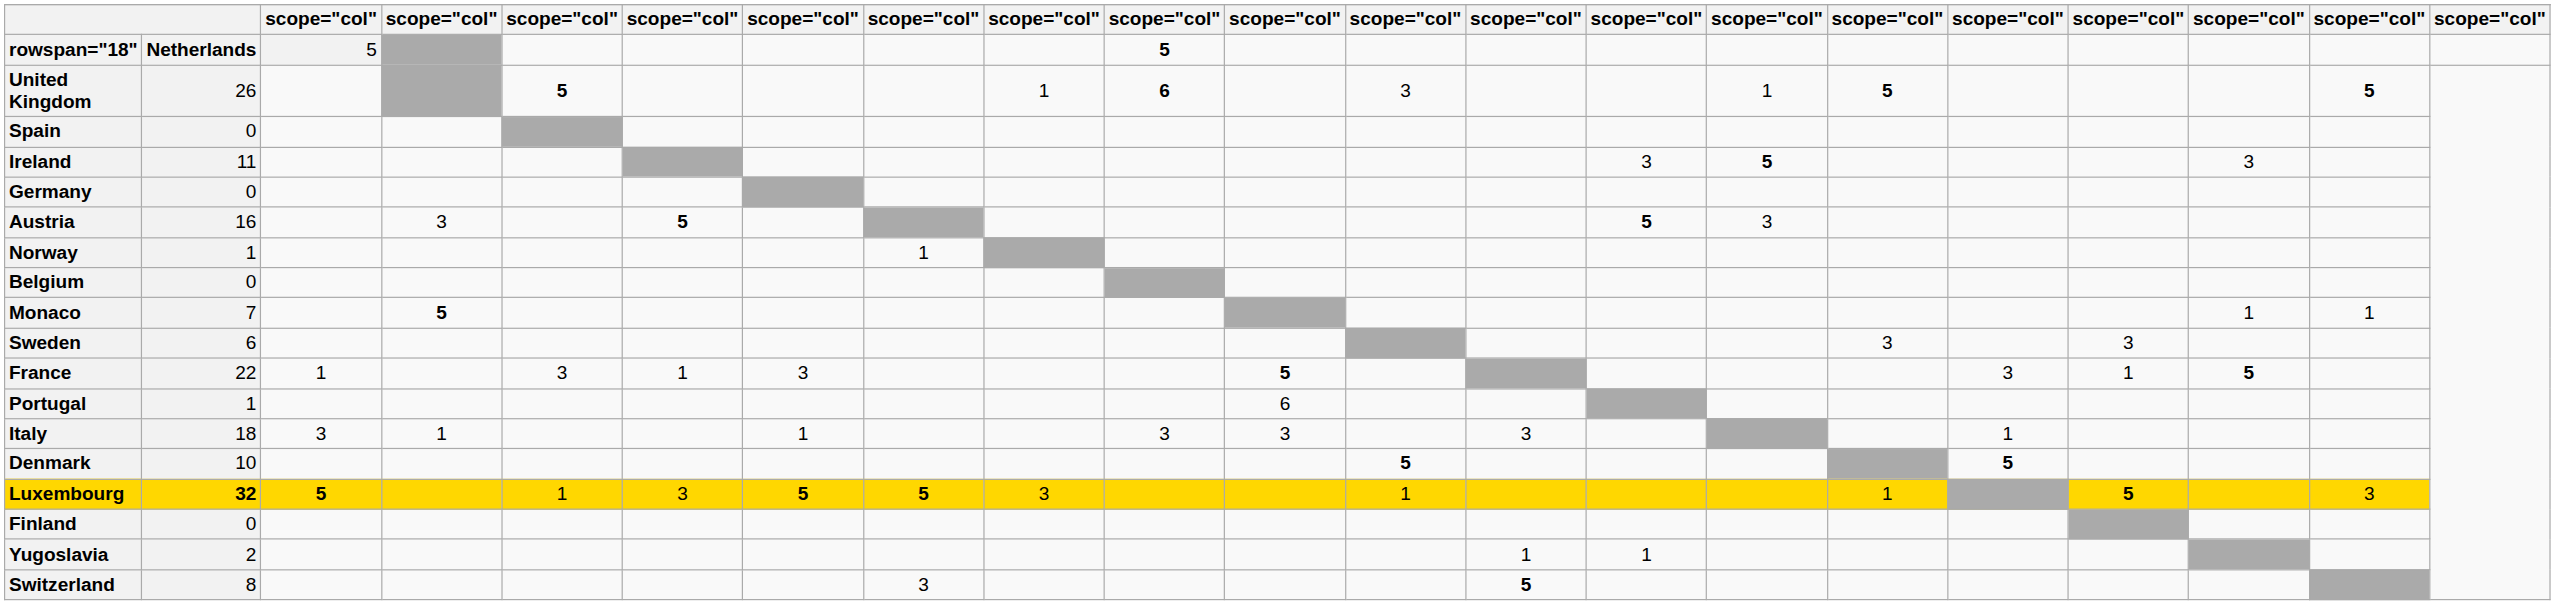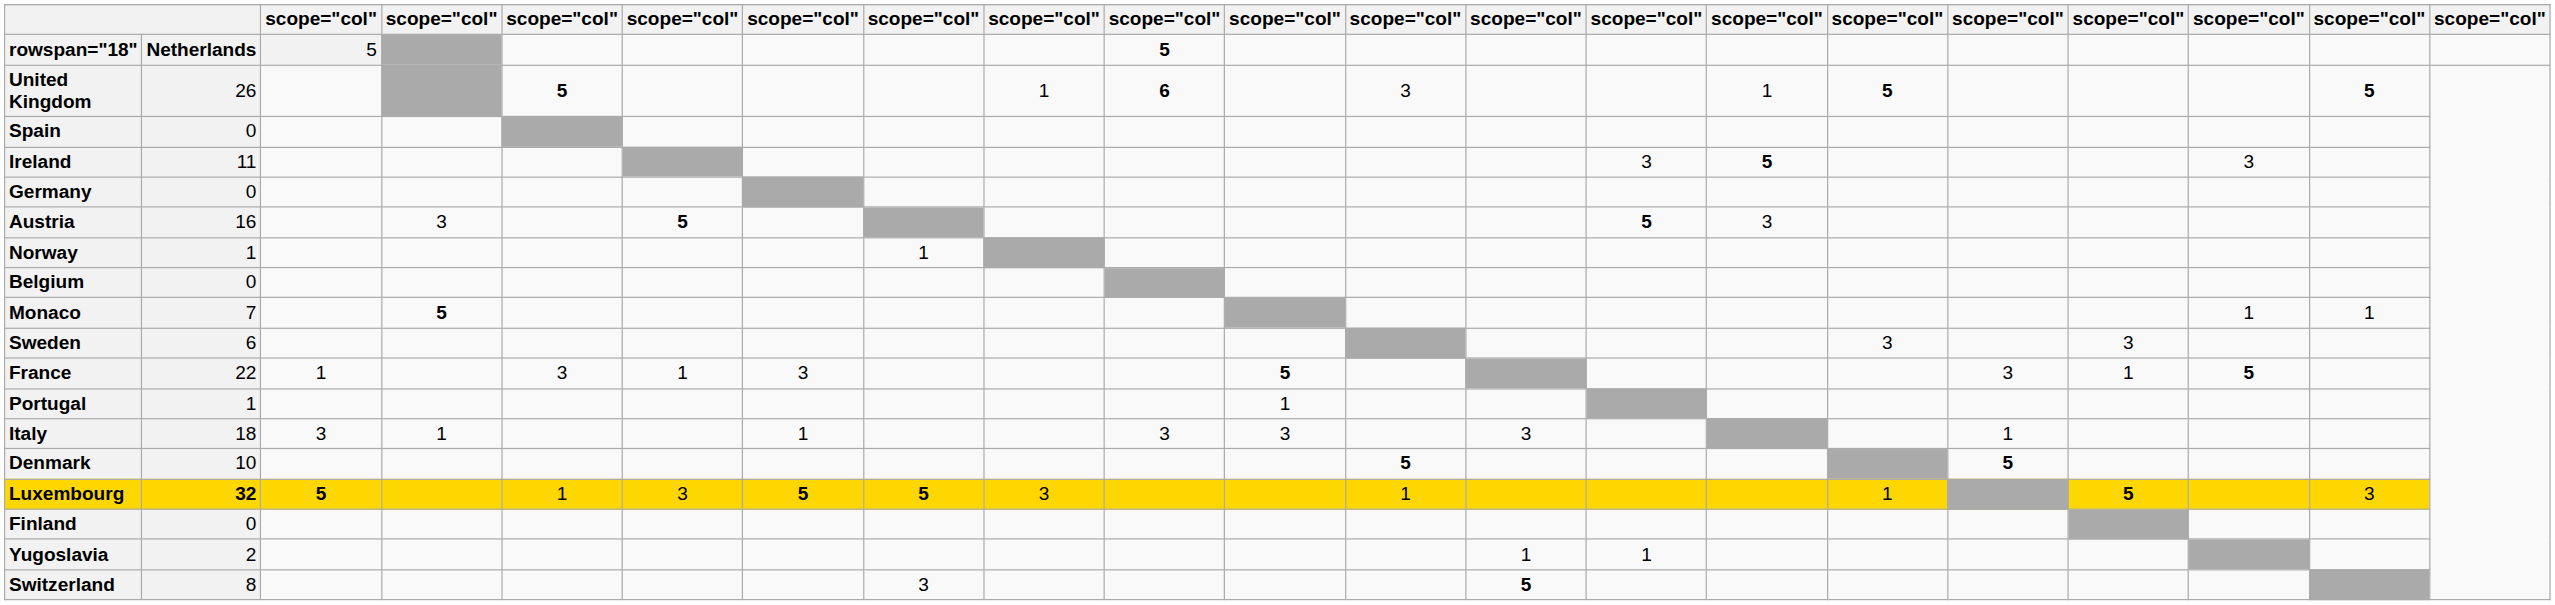 <table class="wikitable plainrowheaders" style="text-align:center;">
 <tr>
 </tr>
 <tr>
 <th colspan="2"></th>
 <th>scope="col" </th>
 <th>scope="col" </th>
 <th>scope="col" </th>
 <th>scope="col" </th>
 <th>scope="col" </th>
 <th>scope="col" </th>
 <th>scope="col" </th>
 <th>scope="col" </th>
 <th>scope="col" </th>
 <th>scope="col" </th>
 <th>scope="col" </th>
 <th>scope="col" </th>
 <th>scope="col" </th>
 <th>scope="col" </th>
 <th>scope="col" </th>
 <th>scope="col" </th>
 <th>scope="col" </th>
 <th>scope="col" </th>
 <th>scope="col" </th>
 </tr>
 <tr>
 <th>rowspan="18" </th>
 <th scope="row" style="text-align:left; background:#f2f2f2;">Netherlands</th>
 <td style="text-align:right; background:#f2f2f2;">5</td>
 <td style="text-align:left; background:#aaa;"></td>
 <td></td>
 <td></td>
 <td></td>
 <td></td>
 <td></td>
 <td><strong>5</strong></td>
 <td></td>
 <td></td>
 <td></td>
 <td></td>
 <td></td>
 <td></td>
 <td></td>
 <td></td>
 <td></td>
 <td></td>
 <td></td>
 </tr>
 <tr>
 <th scope="row" style="text-align:left; background:#f2f2f2;">United Kingdom</th>
 <td style="text-align:right; background:#f2f2f2;">26</td>
 <td></td>
 <td style="text-align:left; background:#aaa;"></td>
 <td><strong>5</strong></td>
 <td></td>
 <td></td>
 <td></td>
 <td>1</td>
 <td><strong>6</strong></td>
 <td></td>
 <td>3</td>
 <td></td>
 <td></td>
 <td>1</td>
 <td><strong>5</strong></td>
 <td></td>
 <td></td>
 <td></td>
 <td><strong>5</strong></td>
 </tr>
 <tr>
 <th scope="row" style="text-align:left; background:#f2f2f2;">Spain</th>
 <td style="text-align:right; background:#f2f2f2;">0</td>
 <td></td>
 <td></td>
 <td style="text-align:left; background:#aaa;"></td>
 <td></td>
 <td></td>
 <td></td>
 <td></td>
 <td></td>
 <td></td>
 <td></td>
 <td></td>
 <td></td>
 <td></td>
 <td></td>
 <td></td>
 <td></td>
 <td></td>
 <td></td>
 </tr>
 <tr>
 <th scope="row" style="text-align:left; background:#f2f2f2;">Ireland</th>
 <td style="text-align:right; background:#f2f2f2;">11</td>
 <td></td>
 <td></td>
 <td></td>
 <td style="text-align:left; background:#aaa;"></td>
 <td></td>
 <td></td>
 <td></td>
 <td></td>
 <td></td>
 <td></td>
 <td></td>
 <td>3</td>
 <td><strong>5</strong></td>
 <td></td>
 <td></td>
 <td></td>
 <td>3</td>
 <td></td>
 </tr>
 <tr>
 <th scope="row" style="text-align:left; background:#f2f2f2;">Germany</th>
 <td style="text-align:right; background:#f2f2f2;">0</td>
 <td></td>
 <td></td>
 <td></td>
 <td></td>
 <td style="text-align:left; background:#aaa;"></td>
 <td></td>
 <td></td>
 <td></td>
 <td></td>
 <td></td>
 <td></td>
 <td></td>
 <td></td>
 <td></td>
 <td></td>
 <td></td>
 <td></td>
 <td></td>
 </tr>
 <tr>
 <th scope="row" style="text-align:left; background:#f2f2f2;">Austria</th>
 <td style="text-align:right; background:#f2f2f2;">16</td>
 <td></td>
 <td>3</td>
 <td></td>
 <td><strong>5</strong></td>
 <td></td>
 <td style="text-align:left; background:#aaa;"></td>
 <td></td>
 <td></td>
 <td></td>
 <td></td>
 <td></td>
 <td><strong>5</strong></td>
 <td>3</td>
 <td></td>
 <td></td>
 <td></td>
 <td></td>
 <td></td>
 </tr>
 <tr>
 <th scope="row" style="text-align:left; background:#f2f2f2;">Norway</th>
 <td style="text-align:right; background:#f2f2f2;">1</td>
 <td></td>
 <td></td>
 <td></td>
 <td></td>
 <td></td>
 <td>1</td>
 <td style="text-align:left; background:#aaa;"></td>
 <td></td>
 <td></td>
 <td></td>
 <td></td>
 <td></td>
 <td></td>
 <td></td>
 <td></td>
 <td></td>
 <td></td>
 <td></td>
 </tr>
 <tr>
 <th scope="row" style="text-align:left; background:#f2f2f2;">Belgium</th>
 <td style="text-align:right; background:#f2f2f2;">0</td>
 <td></td>
 <td></td>
 <td></td>
 <td></td>
 <td></td>
 <td></td>
 <td></td>
 <td style="text-align:left; background:#aaa;"></td>
 <td></td>
 <td></td>
 <td></td>
 <td></td>
 <td></td>
 <td></td>
 <td></td>
 <td></td>
 <td></td>
 <td></td>
 </tr>
 <tr>
 <th scope="row" style="text-align:left; background:#f2f2f2;">Monaco</th>
 <td style="text-align:right; background:#f2f2f2;">7</td>
 <td></td>
 <td><strong>5</strong></td>
 <td></td>
 <td></td>
 <td></td>
 <td></td>
 <td></td>
 <td></td>
 <td style="text-align:left; background:#aaa;"></td>
 <td></td>
 <td></td>
 <td></td>
 <td></td>
 <td></td>
 <td></td>
 <td></td>
 <td>1</td>
 <td>1</td>
 </tr>
 <tr>
 <th scope="row" style="text-align:left; background:#f2f2f2;">Sweden</th>
 <td style="text-align:right; background:#f2f2f2;">6</td>
 <td></td>
 <td></td>
 <td></td>
 <td></td>
 <td></td>
 <td></td>
 <td></td>
 <td></td>
 <td></td>
 <td style="text-align:left; background:#AAAAAA;"></td>
 <td></td>
 <td></td>
 <td></td>
 <td>3</td>
 <td></td>
 <td>3</td>
 <td></td>
 <td></td>
 </tr>
 <tr>
 <th scope="row" style="text-align:left; background:#f2f2f2;">France</th>
 <td style="text-align:right; background:#f2f2f2;">22</td>
 <td>1</td>
 <td></td>
 <td>3</td>
 <td>1</td>
 <td>3</td>
 <td></td>
 <td></td>
 <td></td>
 <td><strong>5</strong></td>
 <td></td>
 <td style="text-align:left; background:#aaa;"></td>
 <td></td>
 <td></td>
 <td></td>
 <td>3</td>
 <td>1</td>
 <td><strong>5</strong></td>
 <td></td>
 </tr>
 <tr>
 <th scope="row" style="text-align:left; background:#f2f2f2;">Portugal</th>
 <td style="text-align:right; background:#f2f2f2;">1</td>
 <td></td>
 <td></td>
 <td></td>
 <td></td>
 <td></td>
 <td></td>
 <td></td>
 <td></td>
-<td>6</td>
+<td>1</td>
 <td></td>
 <td></td>
 <td style="text-align:left; background:#aaa;"></td>
 <td></td>
 <td></td>
 <td></td>
 <td></td>
 <td></td>
 <td></td>
 </tr>
 <tr>
 <th scope="row" style="text-align:left; background:#f2f2f2;">Italy</th>
 <td style="text-align:right; background:#f2f2f2;">18</td>
 <td>3</td>
 <td>1</td>
 <td></td>
 <td></td>
 <td>1</td>
 <td></td>
 <td></td>
 <td>3</td>
 <td>3</td>
 <td></td>
 <td>3</td>
 <td></td>
 <td style="text-align:left; background:#aaa;"></td>
 <td></td>
 <td>1</td>
 <td></td>
 <td></td>
 <td></td>
 </tr>
 <tr>
 <th scope="row" style="text-align:left; background:#f2f2f2;">Denmark</th>
 <td style="text-align:right; background:#f2f2f2;">10</td>
 <td></td>
 <td></td>
 <td></td>
 <td></td>
 <td></td>
 <td></td>
 <td></td>
 <td></td>
 <td></td>
 <td><strong>5</strong></td>
 <td></td>
 <td></td>
 <td></td>
 <td style="text-align:left; background:#aaa;"></td>
 <td><strong>5</strong></td>
 <td></td>
 <td></td>
 <td></td>
 </tr>
 <tr style="background:gold;">
 <th scope="row" style="text-align:left; font-weight:bold; background:gold;">Luxembourg</th>
 <td style="text-align:right; font-weight:bold;">32</td>
 <td><strong>5</strong></td>
 <td></td>
 <td>1</td>
 <td>3</td>
 <td><strong>5</strong></td>
 <td><strong>5</strong></td>
 <td>3</td>
 <td></td>
 <td></td>
 <td>1</td>
 <td></td>
 <td></td>
 <td></td>
 <td>1</td>
 <td style="text-align:left; background:#aaa;"></td>
 <td><strong>5</strong></td>
 <td></td>
 <td>3</td>
 </tr>
 <tr>
 <th scope="row" style="text-align:left; background:#f2f2f2;">Finland</th>
 <td style="text-align:right; background:#f2f2f2;">0</td>
 <td></td>
 <td></td>
 <td></td>
 <td></td>
 <td></td>
 <td></td>
 <td></td>
 <td></td>
 <td></td>
 <td></td>
 <td></td>
 <td></td>
 <td></td>
 <td></td>
 <td></td>
 <td style="text-align:left; background:#aaa;"></td>
 <td></td>
 <td></td>
 </tr>
 <tr>
 <th scope="row" style="text-align:left; background:#f2f2f2;">Yugoslavia</th>
 <td style="text-align:right; background:#f2f2f2;">2</td>
 <td></td>
 <td></td>
 <td></td>
 <td></td>
 <td></td>
 <td></td>
 <td></td>
 <td></td>
 <td></td>
 <td></td>
 <td>1</td>
 <td>1</td>
 <td></td>
 <td></td>
 <td></td>
 <td></td>
 <td style="text-align:left; background:#aaa;"></td>
 <td></td>
 </tr>
 <tr>
 <th scope="row" style="text-align:left; background:#f2f2f2;">Switzerland</th>
 <td style="text-align:right; background:#f2f2f2;">8</td>
 <td></td>
 <td></td>
 <td></td>
 <td></td>
 <td></td>
 <td>3</td>
 <td></td>
 <td></td>
 <td></td>
 <td></td>
 <td><strong>5</strong></td>
 <td></td>
 <td></td>
 <td></td>
 <td></td>
 <td></td>
 <td></td>
 <td style="text-align:left; background:#aaa;"></td>
 </tr>
 </table>
